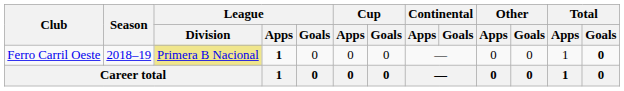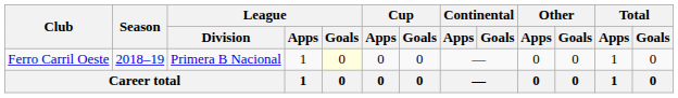 <table class="wikitable" style="text-align:center">
 <tr>
 <th rowspan="2">Club</th>
 <th rowspan="2">Season</th>
 <th colspan="3">League</th>
 <th colspan="2">Cup</th>
 <th colspan="2">Continental</th>
 <th colspan="2">Other</th>
 <th colspan="2">Total</th>
 </tr>
 <tr>
 <th>Division</th>
 <th>Apps</th>
 <th>Goals</th>
 <th>Apps</th>
 <th>Goals</th>
 <th>Apps</th>
 <th>Goals</th>
 <th>Apps</th>
 <th>Goals</th>
 <th>Apps</th>
 <th>Goals</th>
 </tr>
 <tr>
 <td rowspan="1"><a href='#'>Ferro Carril Oeste</a></td>
 <td><a href='#'>2018–19</a></td>
-<td rowspan="1" style="background: khaki;"><a href='#'>Primera B Nacional</a></td>
-<td><strong>1</strong></td>
-<td>0</td>
+<td rowspan="1"><a href='#'>Primera B Nacional</a></td>
+<td>1</td>
+<td style="background: lightyellow;">0</td>
 <td>0</td>
 <td>0</td>
 <td colspan="2">—</td>
 <td>0</td>
 <td>0</td>
 <td>1</td>
-<td><strong>0</strong></td>
+<td>0</td>
 </tr>
 <tr>
 <th colspan="3">Career total</th>
 <th>1</th>
 <th>0</th>
 <th>0</th>
 <th>0</th>
 <th colspan="2">—</th>
 <th>0</th>
 <th>0</th>
 <th>1</th>
 <th>0</th>
 </tr>
 </table>
